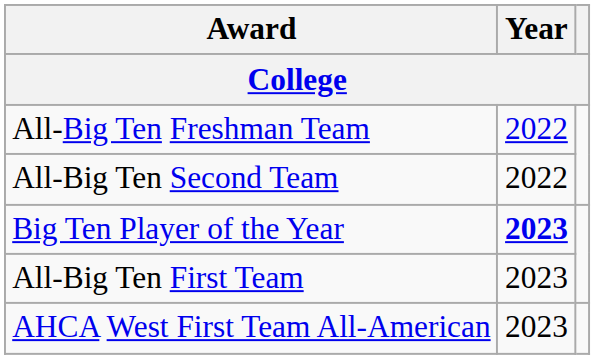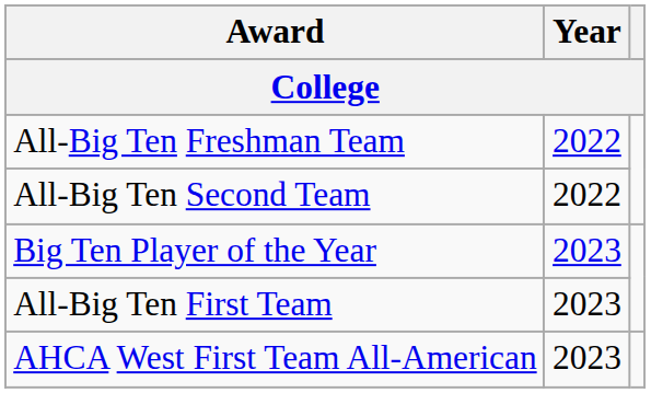 <table class="wikitable">
 <tr>
 <th>Award</th>
 <th>Year</th>
 <th></th>
 </tr>
 <tr>
 <th colspan="3"><a href='#'>College</a></th>
 </tr>
 <tr>
 <td>All-<a href='#'>Big Ten</a> <a href='#'>Freshman Team</a></td>
 <td><a href='#'>2022</a></td>
 <td rowspan="2"></td>
 </tr>
 <tr>
 <td>All-Big Ten <a href='#'>Second Team</a></td>
 <td>2022</td>
 </tr>
 <tr>
 <td><a href='#'>Big Ten Player of the Year</a></td>
-<td><strong><a href='#'>2023</a></strong></td>
+<td><a href='#'>2023</a></td>
 <td rowspan="2"></td>
 </tr>
 <tr>
 <td>All-Big Ten <a href='#'>First Team</a></td>
 <td>2023</td>
 </tr>
 <tr>
 <td><a href='#'>AHCA</a> <a href='#'>West First Team All-American</a></td>
 <td>2023</td>
 <td></td>
 </tr>
 </table>
